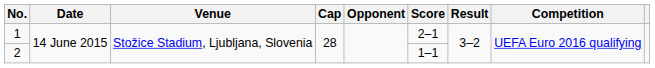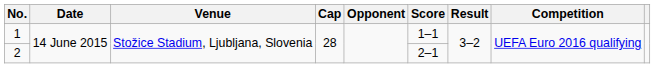 <table class="wikitable">
 <tr>
 <th scope="col">No.</th>
 <th scope="col">Date</th>
 <th scope="col">Venue</th>
 <th scope="col">Cap</th>
 <th scope="col">Opponent</th>
 <th scope="col">Score</th>
 <th scope="col">Result</th>
 <th scope="col">Competition</th>
 <th scope="col"></th>
 </tr>
 <tr>
 <td style="text-align: center;">1</td>
 <td rowspan="2">14 June 2015</td>
 <td rowspan="2"><a href='#'>Stožice Stadium</a>, Ljubljana, Slovenia</td>
 <td rowspan="2" style="text-align: center;">28</td>
 <td rowspan="2"></td>
-<td style="text-align: center;">2–1</td>
+<td style="text-align: center;">1–1</td>
 <td rowspan="2" style="text-align: center;">3–2</td>
 <td rowspan="2"><a href='#'>UEFA Euro 2016 qualifying</a></td>
 <td rowspan="2" style="text-align: center;"></td>
 </tr>
 <tr>
 <td style="text-align: center;">2</td>
-<td style="text-align: center;">1–1</td>
+<td style="text-align: center;">2–1</td>
 </tr>
 </table>
